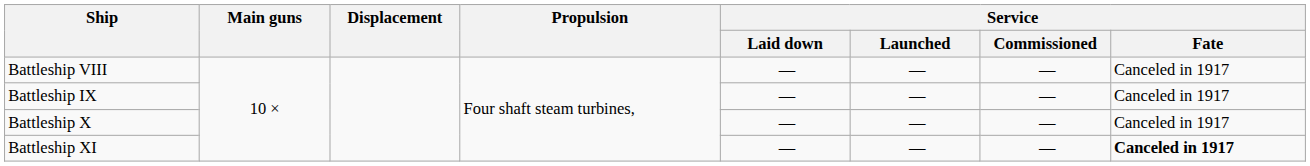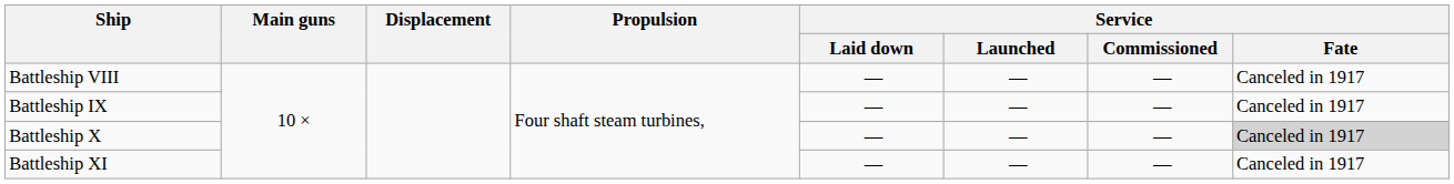 <table class="wikitable" style="width: 100%;">
 <tr valign="top">
 <th width="15%" align="center" rowspan="2">Ship</th>
 <th width="10%" align="center" rowspan="2">Main guns</th>
 <th width="10%" align="center" rowspan="2">Displacement</th>
 <th width="20%" align="center" rowspan="2">Propulsion</th>
 <th width="40%" align="center" colspan="4">Service</th>
 </tr>
 <tr valign="top">
 <th width="10%" align="center">Laid down</th>
 <th width="10%" align="center">Launched</th>
 <th width="10%" align="center">Commissioned</th>
 <th width="20%" align="center">Fate</th>
 </tr>
 <tr valign="center">
 <td align="left">Battleship VIII</td>
 <td align="center" rowspan="4">10 × </td>
 <td align="center" rowspan="4"></td>
 <td align="left" rowspan="4">Four shaft steam turbines, </td>
 <td align="center"> —</td>
 <td align="center"> —</td>
 <td align="center"> —</td>
 <td align="left">Canceled in 1917</td>
 </tr>
 <tr valign="center">
 <td align="left">Battleship IX</td>
 <td align="center"> —</td>
 <td align="center"> —</td>
 <td align="center"> —</td>
 <td align="left">Canceled in 1917</td>
 </tr>
 <tr valign="center">
 <td align="left">Battleship X</td>
 <td align="center"> —</td>
 <td align="center"> —</td>
 <td align="center"> —</td>
-<td align="left">Canceled in 1917</td>
+<td align="left" style="background: lightgrey;">Canceled in 1917</td>
 </tr>
 <tr valign="center">
 <td align="left">Battleship XI</td>
 <td align="center"> —</td>
 <td align="center"> —</td>
 <td align="center"> —</td>
-<td align="left"><strong>Canceled in 1917</strong></td>
+<td align="left">Canceled in 1917</td>
 </tr>
 </table>
